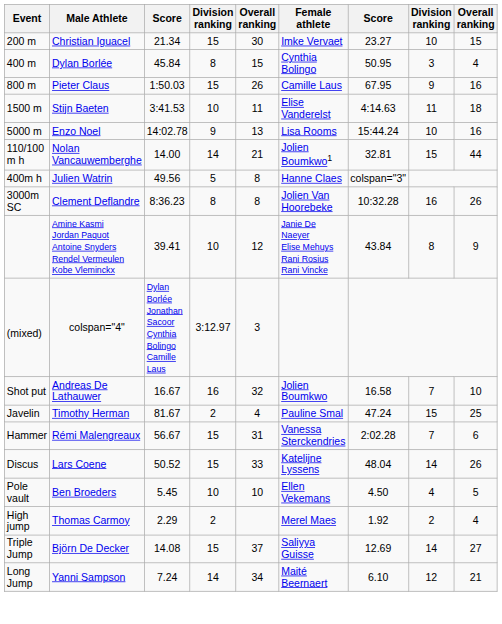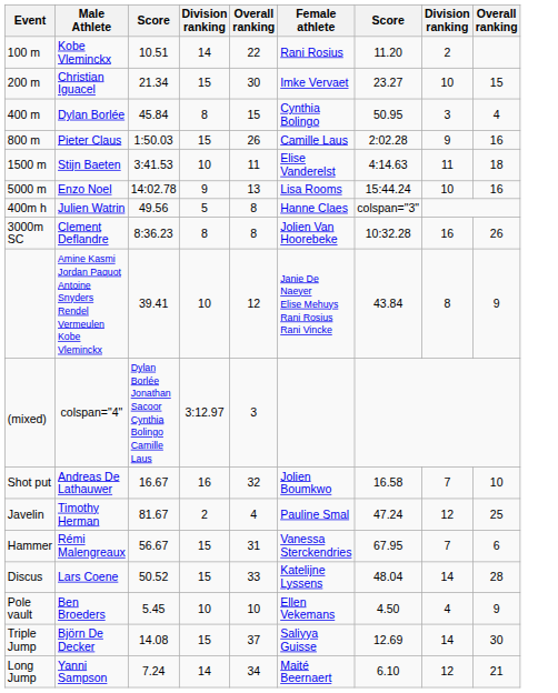 <table class="wikitable" style="text-align:center; font-size:90%">
 <tr>
 <th>Event</th>
 <th>Male Athlete</th>
 <th>Score</th>
 <th>Division ranking</th>
 <th>Overall ranking</th>
 <th>Female athlete</th>
 <th>Score</th>
 <th>Division ranking</th>
 <th>Overall ranking</th>
+</tr>
+<tr>
+<td align="left">100 m</td>
+<td align="left"><a href='#'>Kobe Vleminckx</a></td>
+<td>10.51</td>
+<td>14</td>
+<td>22</td>
+<td align="left"><a href='#'>Rani Rosius</a></td>
+<td>11.20</td>
+<td>2</td>
+<td></td>
 </tr>
 <tr>
 <td align="left">200 m</td>
 <td align="left"><a href='#'>Christian Iguacel</a></td>
 <td>21.34</td>
 <td>15</td>
 <td>30</td>
 <td align="left"><a href='#'>Imke Vervaet</a></td>
 <td>23.27</td>
 <td>10</td>
 <td>15</td>
 </tr>
 <tr>
 <td align="left">400 m</td>
 <td align="left"><a href='#'>Dylan Borlée</a></td>
 <td>45.84</td>
 <td>8</td>
 <td>15</td>
 <td align="left"><a href='#'>Cynthia Bolingo</a></td>
 <td>50.95</td>
 <td>3</td>
 <td>4</td>
 </tr>
 <tr>
 <td align="left">800 m</td>
 <td align="left"><a href='#'>Pieter Claus</a></td>
 <td>1:50.03</td>
 <td>15</td>
 <td>26</td>
 <td align="left"><a href='#'>Camille Laus</a></td>
-<td>67.95</td>
+<td>2:02.28</td>
 <td>9</td>
 <td>16</td>
 </tr>
 <tr>
 <td align="left">1500 m</td>
 <td align="left"><a href='#'>Stijn Baeten</a></td>
 <td>3:41.53</td>
 <td>10</td>
 <td>11</td>
 <td align="left"><a href='#'>Elise Vanderelst</a></td>
 <td>4:14.63</td>
 <td>11</td>
 <td>18</td>
 </tr>
 <tr>
 <td align="left">5000 m</td>
 <td align="left"><a href='#'>Enzo Noel</a></td>
 <td>14:02.78</td>
 <td>9</td>
 <td>13</td>
 <td align="left"><a href='#'>Lisa Rooms</a></td>
 <td>15:44.24</td>
 <td>10</td>
 <td>16</td>
-</tr>
-<tr>
-<td align="left">110/100 m h</td>
-<td align="left"><a href='#'>Nolan Vancauwemberghe</a></td>
-<td>14.00</td>
-<td>14</td>
-<td>21</td>
-<td align="left"><a href='#'>Jolien Boumkwo</a><sup>1</sup></td>
-<td>32.81</td>
-<td>15</td>
-<td>44</td>
 </tr>
 <tr>
 <td align="left">400m h</td>
 <td align="left"><a href='#'>Julien Watrin</a></td>
 <td>49.56</td>
 <td>5</td>
 <td>8</td>
 <td align="left"><a href='#'>Hanne Claes</a></td>
 <td>colspan="3" </td>
 </tr>
 <tr>
 <td align="left">3000m SC</td>
 <td align="left"><a href='#'>Clement Deflandre</a></td>
 <td>8:36.23</td>
 <td>8</td>
 <td>8</td>
 <td align="left"><a href='#'>Jolien Van Hoorebeke</a></td>
 <td>10:32.28</td>
 <td>16</td>
 <td>26</td>
 </tr>
 <tr>
 <td align="left"></td>
 <td align="left"><small><a href='#'>Amine Kasmi</a><br><a href='#'>Jordan Paquot</a><br><a href='#'>Antoine Snyders</a><br><a href='#'>Rendel Vermeulen</a><br><a href='#'>Kobe Vleminckx</a></small></td>
 <td>39.41</td>
 <td>10</td>
 <td>12</td>
 <td align="left"><small><a href='#'>Janie De Naeyer</a><br><a href='#'>Elise Mehuys</a><br><a href='#'>Rani Rosius</a><br><a href='#'>Rani Vincke</a></small></td>
 <td>43.84</td>
 <td>8</td>
 <td>9</td>
 </tr>
 <tr>
 <td align="left"><br>(mixed)</td>
 <td>colspan="4" </td>
 <td align="left"><small><a href='#'>Dylan Borlée</a><br><a href='#'>Jonathan Sacoor</a><br><a href='#'>Cynthia Bolingo</a><br><a href='#'>Camille Laus</a></small></td>
 <td>3:12.97</td>
 <td>3</td>
 <td></td>
 </tr>
 <tr>
 <td align="left">Shot put</td>
 <td align="left"><a href='#'>Andreas De Lathauwer</a></td>
 <td>16.67</td>
 <td>16</td>
 <td>32</td>
 <td align="left"><a href='#'>Jolien Boumkwo</a></td>
 <td>16.58</td>
 <td>7</td>
 <td>10</td>
 </tr>
 <tr>
 <td align="left">Javelin</td>
 <td align="left"><a href='#'>Timothy Herman</a></td>
 <td>81.67</td>
 <td>2</td>
 <td>4</td>
 <td align="left"><a href='#'>Pauline Smal</a></td>
 <td>47.24</td>
-<td>15</td>
+<td>12</td>
 <td>25</td>
 </tr>
 <tr>
 <td align="left">Hammer</td>
 <td align="left"><a href='#'>Rémi Malengreaux</a></td>
 <td>56.67</td>
 <td>15</td>
 <td>31</td>
 <td align="left"><a href='#'>Vanessa Sterckendries</a></td>
-<td>2:02.28</td>
+<td>67.95</td>
 <td>7</td>
 <td>6</td>
 </tr>
 <tr>
 <td align="left">Discus</td>
 <td align="left"><a href='#'>Lars Coene</a></td>
 <td>50.52</td>
 <td>15</td>
 <td>33</td>
 <td align="left"><a href='#'>Katelijne Lyssens</a></td>
 <td>48.04</td>
 <td>14</td>
-<td>26</td>
+<td>28</td>
 </tr>
 <tr>
 <td align="left">Pole vault</td>
 <td align="left"><a href='#'>Ben Broeders</a></td>
 <td>5.45</td>
 <td>10</td>
 <td>10</td>
 <td align="left"><a href='#'>Ellen Vekemans</a></td>
 <td>4.50</td>
 <td>4</td>
-<td>5</td>
-</tr>
-<tr>
-<td align="left">High jump</td>
-<td align="left"><a href='#'>Thomas Carmoy</a></td>
-<td>2.29</td>
-<td>2</td>
-<td></td>
-<td align="left"><a href='#'>Merel Maes</a></td>
-<td>1.92</td>
-<td>2</td>
-<td>4</td>
+<td>9</td>
 </tr>
 <tr>
 <td align="left">Triple Jump</td>
 <td align="left"><a href='#'>Björn De Decker</a></td>
 <td>14.08</td>
 <td>15</td>
 <td>37</td>
 <td align="left"><a href='#'>Saliyya Guisse</a></td>
 <td>12.69</td>
 <td>14</td>
-<td>27</td>
+<td>30</td>
 </tr>
 <tr>
 <td align="left">Long Jump</td>
 <td align="left"><a href='#'>Yanni Sampson</a></td>
 <td>7.24</td>
 <td>14</td>
 <td>34</td>
 <td align="left"><a href='#'>Maité Beernaert</a></td>
 <td>6.10</td>
 <td>12</td>
 <td>21</td>
 </tr>
 </table>
